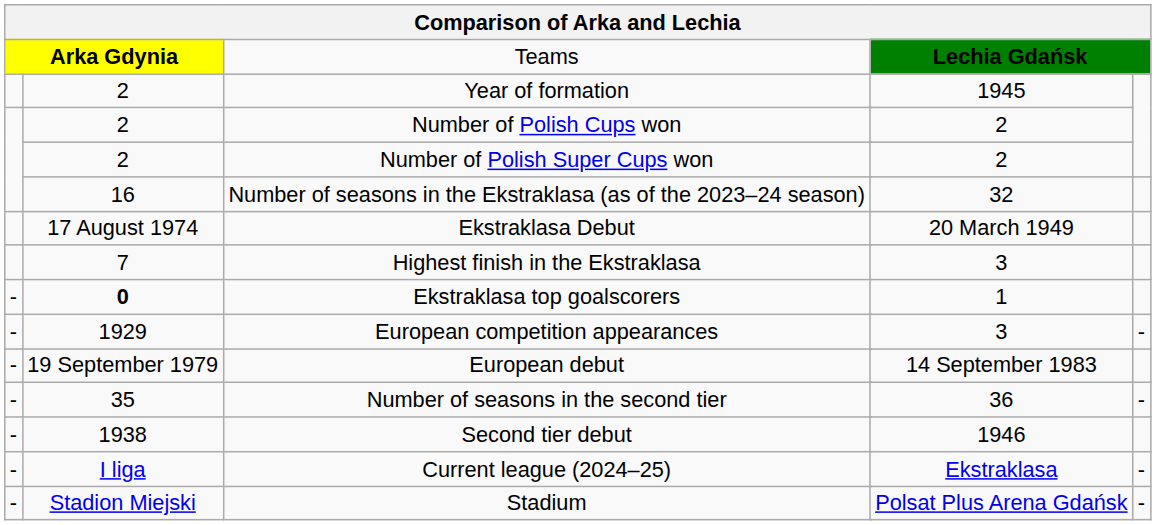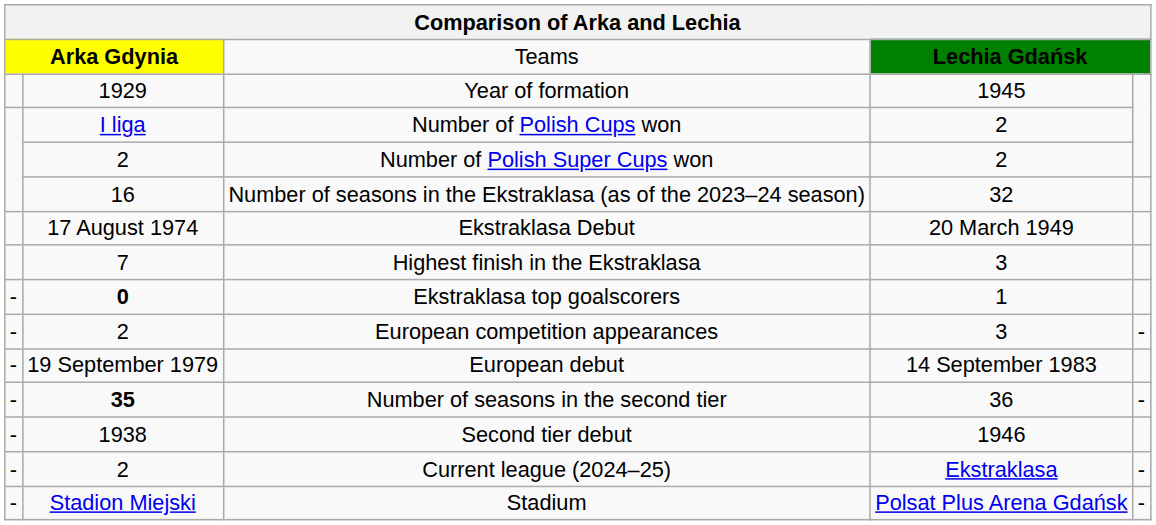 <table class="wikitable" style="text-align:center;font-size:90%">
 <tr>
 <th colspan=6>Comparison of Arka and Lechia</th>
 </tr>
 <tr>
 <td colspan="2" bgcolor="yellow"><span><strong>Arka Gdynia</strong></span></td>
 <td colspan=2>Teams</td>
 <td colspan="2" bgcolor="green"><span><strong>Lechia Gdańsk</strong></span></td>
 </tr>
 <tr>
 <td></td>
-<td>2</td>
+<td>1929</td>
 <td colspan=2>Year of formation</td>
 <td>1945</td>
 <td rowspan="3"></td>
 </tr>
 <tr>
 <td rowspan="3"></td>
-<td>2</td>
+<td><a href='#'>I liga</a></td>
 <td colspan=2>Number of <a href='#'>Polish Cups</a> won</td>
 <td>2</td>
 </tr>
 <tr>
 <td>2</td>
 <td colspan=2>Number of <a href='#'>Polish Super Cups</a> won</td>
 <td>2</td>
 </tr>
 <tr>
 <td>16</td>
 <td colspan=2>Number of seasons in the Ekstraklasa (as of the 2023–24 season)</td>
 <td>32</td>
 <td></td>
 </tr>
 <tr>
 <td></td>
 <td>17 August 1974</td>
 <td colspan=2>Ekstraklasa Debut</td>
 <td>20 March 1949</td>
 <td></td>
 </tr>
 <tr>
 <td></td>
 <td>7</td>
 <td colspan=2>Highest finish in the Ekstraklasa</td>
 <td>3</td>
 <td></td>
 </tr>
 <tr>
 <td>-</td>
 <td><strong>0</strong></td>
 <td colspan=2>Ekstraklasa top goalscorers</td>
 <td>1</td>
 <td></td>
 </tr>
 <tr>
 <td>-</td>
-<td>1929</td>
+<td>2</td>
 <td colspan=2>European competition appearances</td>
 <td>3</td>
 <td>-</td>
 </tr>
 <tr>
 <td>-</td>
 <td>19 September 1979</td>
 <td colspan=2>European debut</td>
 <td>14 September 1983</td>
 <td></td>
 </tr>
 <tr>
 <td>-</td>
-<td>35</td>
+<td><strong>35</strong></td>
 <td colspan=2>Number of seasons in the second tier</td>
 <td>36</td>
 <td>-</td>
 </tr>
 <tr>
 <td>-</td>
 <td>1938</td>
 <td colspan=2>Second tier debut</td>
 <td>1946</td>
 <td></td>
 </tr>
 <tr>
 <td>-</td>
-<td><a href='#'>I liga</a></td>
+<td>2</td>
 <td colspan=2>Current league (2024–25)</td>
 <td><a href='#'>Ekstraklasa</a></td>
 <td>-</td>
 </tr>
 <tr>
 <td>-</td>
 <td><a href='#'>Stadion Miejski</a></td>
 <td colspan=2>Stadium</td>
 <td><a href='#'>Polsat Plus Arena Gdańsk</a></td>
 <td>-</td>
 </tr>
 </table>
